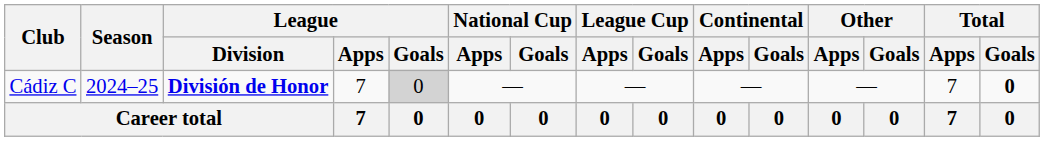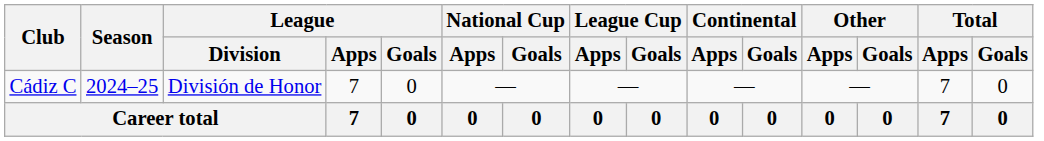 <table class=wikitable style="text-align:center">
 <tr>
 <th rowspan=2>Club</th>
 <th rowspan=2>Season</th>
 <th colspan=3>League</th>
 <th colspan=2>National Cup</th>
 <th colspan=2>League Cup</th>
 <th colspan=2>Continental</th>
 <th colspan=2>Other</th>
 <th colspan=2>Total</th>
 </tr>
 <tr>
 <th>Division</th>
 <th>Apps</th>
 <th>Goals</th>
 <th>Apps</th>
 <th>Goals</th>
 <th>Apps</th>
 <th>Goals</th>
 <th>Apps</th>
 <th>Goals</th>
 <th>Apps</th>
 <th>Goals</th>
 <th>Apps</th>
 <th>Goals</th>
 </tr>
 <tr>
 <td rowspan="1"><a href='#'>Cádiz C</a></td>
 <td><a href='#'>2024–25</a></td>
-<td rowspan="1"><strong><a href='#'>División de Honor</a></strong></td>
+<td rowspan="1"><a href='#'>División de Honor</a></td>
 <td>7</td>
-<td style="background: lightgrey;">0</td>
+<td>0</td>
 <td colspan=2>—</td>
 <td colspan=2>—</td>
 <td colspan=2>—</td>
 <td colspan=2>—</td>
 <td>7</td>
-<td><strong>0</strong></td>
+<td>0</td>
 </tr>
 <tr>
 <th colspan=3>Career total</th>
 <th>7</th>
 <th>0</th>
 <th>0</th>
 <th>0</th>
 <th>0</th>
 <th>0</th>
 <th>0</th>
 <th>0</th>
 <th>0</th>
 <th>0</th>
 <th>7</th>
 <th>0</th>
 </tr>
 </table>
